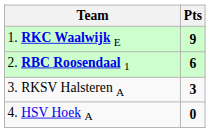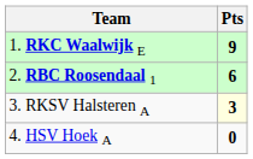 <table class="wikitable" style="text-align:center; float:left; margin-right:1em">
 <tr>
 <th style="width:200px">Team</th>
 <th width=20>Pts</th>
 </tr>
 <tr bgcolor=ccffcc>
 <td align=left>1. <strong><a href='#'>RKC Waalwijk</a></strong> <sub>E</sub></td>
 <td><strong>9</strong></td>
 </tr>
 <tr bgcolor=ccffcc>
 <td align=left>2. <strong><a href='#'>RBC Roosendaal</a></strong> <sub>1</sub></td>
 <td><strong>6</strong></td>
 </tr>
 <tr>
 <td align=left>3. RKSV Halsteren <sub>A</sub></td>
-<td><strong>3</strong></td>
+<td style="background: lightyellow;"><strong>3</strong></td>
 </tr>
 <tr>
 <td align=left>4. <a href='#'>HSV Hoek</a> <sub>A</sub></td>
 <td><strong>0</strong></td>
 </tr>
 </table>
